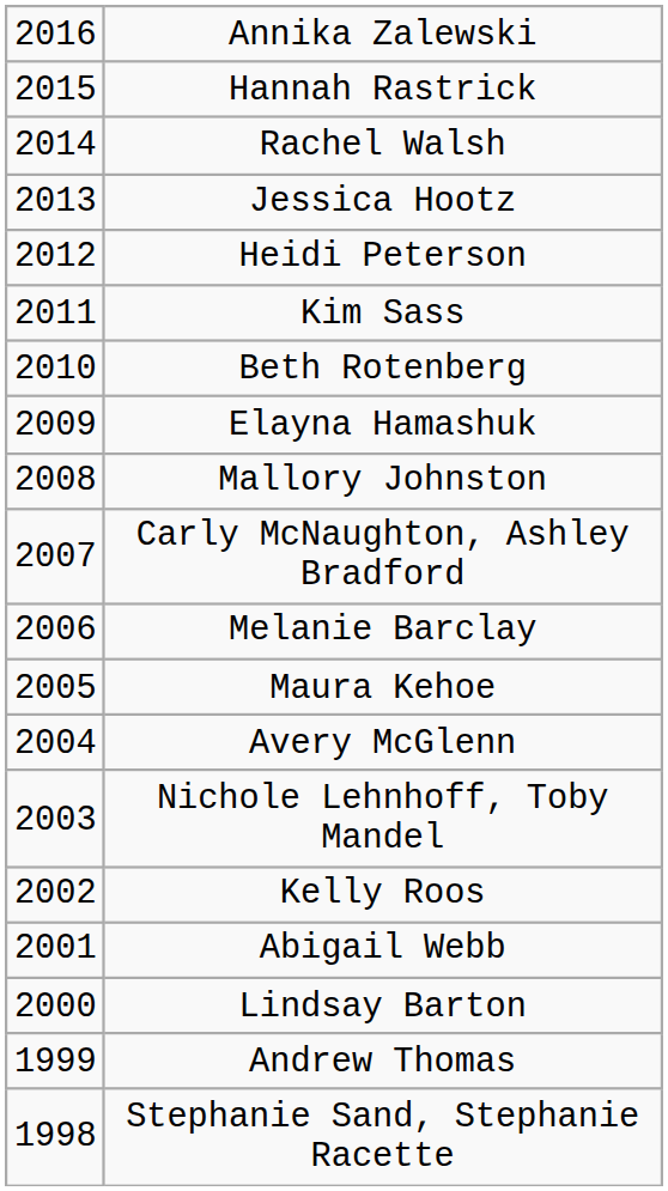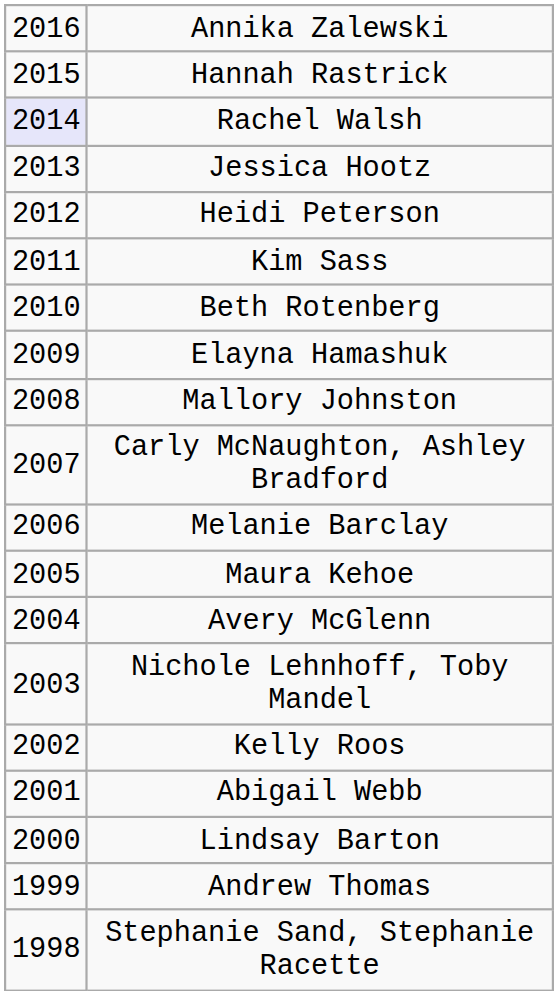 <table class="wikitable" style="width:40%; text-align:center;">
 <tr>
 <td>2016</td>
 <td>Annika Zalewski</td>
 </tr>
 <tr>
 <td>2015</td>
 <td>Hannah Rastrick</td>
 </tr>
 <tr>
-<td>2014</td>
+<td style="background: lavender;">2014</td>
 <td>Rachel Walsh</td>
 </tr>
 <tr>
 <td>2013</td>
 <td>Jessica Hootz</td>
 </tr>
 <tr>
 <td>2012</td>
 <td>Heidi Peterson</td>
 </tr>
 <tr>
 <td>2011</td>
 <td>Kim Sass</td>
 </tr>
 <tr>
 <td>2010</td>
 <td>Beth Rotenberg</td>
 </tr>
 <tr>
 <td>2009</td>
 <td>Elayna Hamashuk</td>
 </tr>
 <tr>
 <td>2008</td>
 <td>Mallory Johnston</td>
 </tr>
 <tr>
 <td>2007</td>
 <td>Carly McNaughton, Ashley Bradford</td>
 </tr>
 <tr>
 <td>2006</td>
 <td>Melanie Barclay</td>
 </tr>
 <tr>
 <td>2005</td>
 <td>Maura Kehoe</td>
 </tr>
 <tr>
 <td>2004</td>
 <td>Avery McGlenn</td>
 </tr>
 <tr>
 <td>2003</td>
 <td>Nichole Lehnhoff, Toby Mandel</td>
 </tr>
 <tr>
 <td>2002</td>
 <td>Kelly Roos</td>
 </tr>
 <tr>
 <td>2001</td>
 <td>Abigail Webb</td>
 </tr>
 <tr>
 <td>2000</td>
 <td>Lindsay Barton</td>
 </tr>
 <tr>
 <td>1999</td>
 <td>Andrew Thomas</td>
 </tr>
 <tr>
 <td>1998</td>
 <td>Stephanie Sand, Stephanie Racette</td>
 </tr>
 </table>
